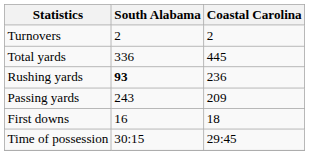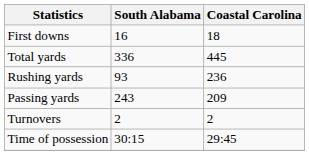 <table class="wikitable">
 <tr>
 <th>Statistics</th>
 <th>South Alabama</th>
 <th>Coastal Carolina</th>
 </tr>
 <tr>
-<td>Turnovers</td>
-<td>2</td>
-<td>2</td>
+<td>First downs</td>
+<td>16</td>
+<td>18</td>
 </tr>
 <tr>
 <td>Total yards</td>
 <td>336</td>
 <td>445</td>
 </tr>
 <tr>
 <td>Rushing yards</td>
-<td><strong>93</strong></td>
+<td>93</td>
 <td>236</td>
 </tr>
 <tr>
 <td>Passing yards</td>
 <td>243</td>
 <td>209</td>
 </tr>
 <tr>
-<td>First downs</td>
-<td>16</td>
-<td>18</td>
+<td>Turnovers</td>
+<td>2</td>
+<td>2</td>
 </tr>
 <tr>
 <td>Time of possession</td>
 <td>30:15</td>
 <td>29:45</td>
 </tr>
 <tr>
 </tr>
 </table>
